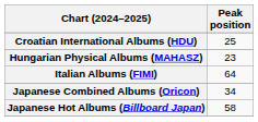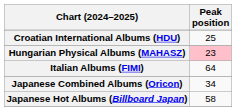 <table class="wikitable sortable plainrowheaders" style="text-align:center;">
 <tr>
 <th scope="col">Chart (2024–2025)</th>
 <th scope="col">Peak<br>position</th>
 </tr>
 <tr>
 </tr>
 <tr>
 </tr>
 <tr>
 </tr>
 <tr>
 <th scope="row">Croatian International Albums (<a href='#'>HDU</a>)</th>
 <td>25</td>
 </tr>
 <tr>
 </tr>
 <tr>
 </tr>
 <tr>
 <th scope="row">Hungarian Physical Albums (<a href='#'>MAHASZ</a>)</th>
-<td>23</td>
+<td style="background: pink;">23</td>
 </tr>
 <tr>
 <th scope="row">Italian Albums (<a href='#'>FIMI</a>)</th>
 <td>64</td>
 </tr>
 <tr>
 </tr>
 <tr>
 <th scope="row">Japanese Combined Albums (<a href='#'>Oricon</a>)</th>
 <td>34</td>
 </tr>
 <tr>
 <th scope="row">Japanese Hot Albums (<em><a href='#'>Billboard Japan</a></em>)</th>
 <td>58</td>
 </tr>
 <tr>
 </tr>
 <tr>
 </tr>
 <tr>
 </tr>
 <tr>
 </tr>
 <tr>
 </tr>
 <tr>
 </tr>
 <tr>
 </tr>
 </table>
